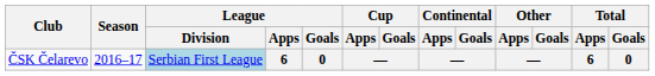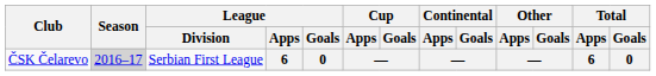 <table class="wikitable" style="text-align:center">
 <tr>
 <th rowspan="2">Club</th>
 <th rowspan="2">Season</th>
 <th colspan="3">League</th>
 <th colspan="2">Cup</th>
 <th colspan="2">Continental</th>
 <th colspan="2">Other</th>
 <th colspan="2">Total</th>
 </tr>
 <tr>
 <th>Division</th>
 <th>Apps</th>
 <th>Goals</th>
 <th>Apps</th>
 <th>Goals</th>
 <th>Apps</th>
 <th>Goals</th>
 <th>Apps</th>
 <th>Goals</th>
 <th>Apps</th>
 <th>Goals</th>
 </tr>
 <tr>
 <td><a href='#'>ČSK Čelarevo</a></td>
-<td><a href='#'>2016–17</a></td>
-<td style="background: lightblue;"><a href='#'>Serbian First League</a></td>
+<td style="background: lightgrey;"><a href='#'>2016–17</a></td>
+<td><a href='#'>Serbian First League</a></td>
 <th>6</th>
 <th>0</th>
 <th colspan="2">—</th>
 <th colspan="2">—</th>
 <th colspan="2">—</th>
 <th>6</th>
 <th>0</th>
 </tr>
 </table>
